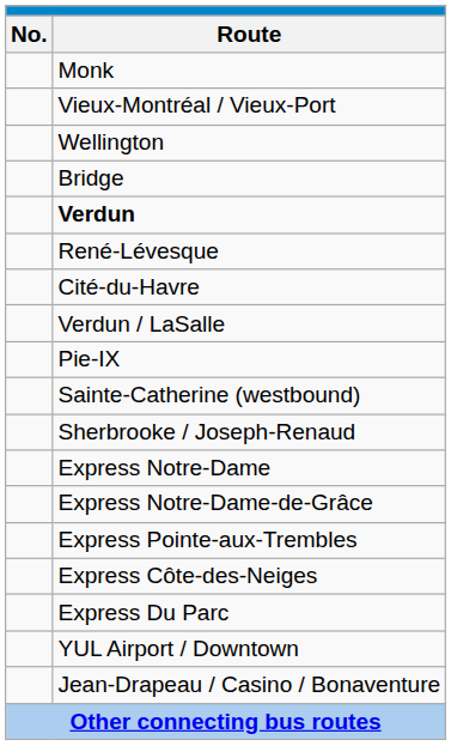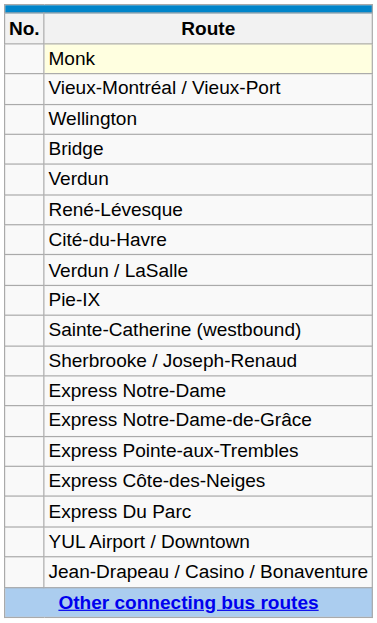 <table align=center class="wikitable">
 <tr>
 <th style="background: #0085CA; font-size:100%; color:#FFFFFF;"colspan="4"><a href='#'></a></th>
 </tr>
 <tr>
 <th>No.</th>
 <th>Route</th>
 </tr>
 <tr>
 <td></td>
-<td>Monk</td>
+<td style="background: lightyellow;">Monk</td>
 </tr>
 <tr>
 <td></td>
 <td>Vieux-Montréal / Vieux-Port</td>
 </tr>
 <tr>
 <td></td>
 <td>Wellington</td>
 </tr>
 <tr>
 <td></td>
 <td>Bridge</td>
 </tr>
 <tr>
 <td {{Avoid wrap> </td>
-<td><strong>Verdun</strong></td>
+<td>Verdun</td>
 </tr>
 <tr>
 <td></td>
 <td>René-Lévesque</td>
 </tr>
 <tr>
 <td></td>
 <td>Cité-du-Havre</td>
 </tr>
 <tr>
 <td {{Avoid wrap> </td>
 <td>Verdun / LaSalle</td>
 </tr>
 <tr ->
 <td {{Avoid wrap> </td>
 <td>Pie-IX</td>
 </tr>
 <tr>
 <td {{Avoid wrap> </td>
 <td>Sainte-Catherine (westbound)</td>
 </tr>
 <tr>
 <td {{Avoid wrap> </td>
 <td>Sherbrooke / Joseph-Renaud</td>
 </tr>
 <tr>
 <td></td>
 <td>Express Notre-Dame</td>
 </tr>
 <tr>
 <td></td>
 <td>Express Notre-Dame-de-Grâce</td>
 </tr>
 <tr>
 <td></td>
 <td>Express Pointe-aux-Trembles</td>
 </tr>
 <tr>
 <td></td>
 <td>Express Côte-des-Neiges</td>
 </tr>
 <tr>
 <td></td>
 <td>Express Du Parc</td>
 </tr>
 <tr>
 <td> </td>
 <td>YUL Airport / Downtown</td>
 </tr>
 <tr>
 <td></td>
 <td>Jean-Drapeau / Casino / Bonaventure</td>
 </tr>
 <tr>
 <th style="background: #abcdef;" colspan=4><a href='#'>Other connecting bus routes</a></th>
 </tr>
 </table>
